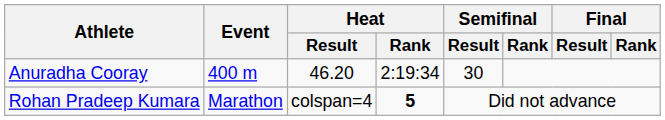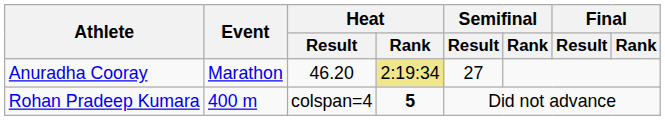 <table class=wikitable style="font-size:90%">
 <tr>
 <th rowspan="2">Athlete</th>
 <th rowspan="2">Event</th>
 <th colspan="2">Heat</th>
 <th colspan="2">Semifinal</th>
 <th colspan="2">Final</th>
 </tr>
 <tr style="font-size:95%">
 <th>Result</th>
 <th>Rank</th>
 <th>Result</th>
 <th>Rank</th>
 <th>Result</th>
 <th>Rank</th>
 </tr>
 <tr align=center>
 <td align=left><a href='#'>Anuradha Cooray</a></td>
-<td align=left><a href='#'>400 m</a></td>
+<td align=left><a href='#'>Marathon</a></td>
 <td>46.20</td>
-<td>2:19:34</td>
-<td>30</td>
+<td style="background: khaki;">2:19:34</td>
+<td>27</td>
 </tr>
 <tr align=center>
 <td align=left><a href='#'>Rohan Pradeep Kumara</a></td>
-<td align=left><a href='#'>Marathon</a></td>
+<td align=left><a href='#'>400 m</a></td>
 <td>colspan=4 </td>
 <td><strong>5</strong></td>
 <td colspan=4>Did not advance</td>
 </tr>
 </table>
